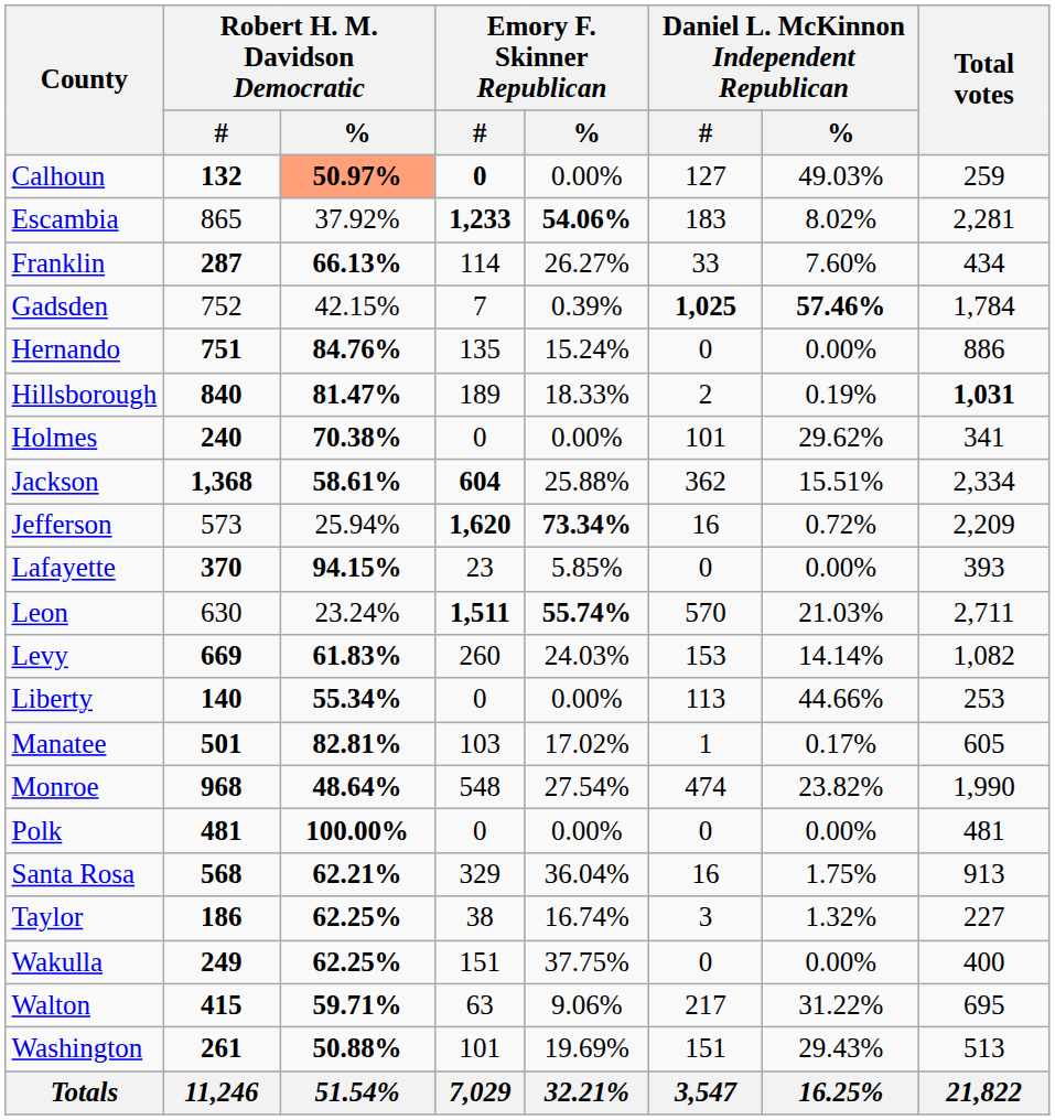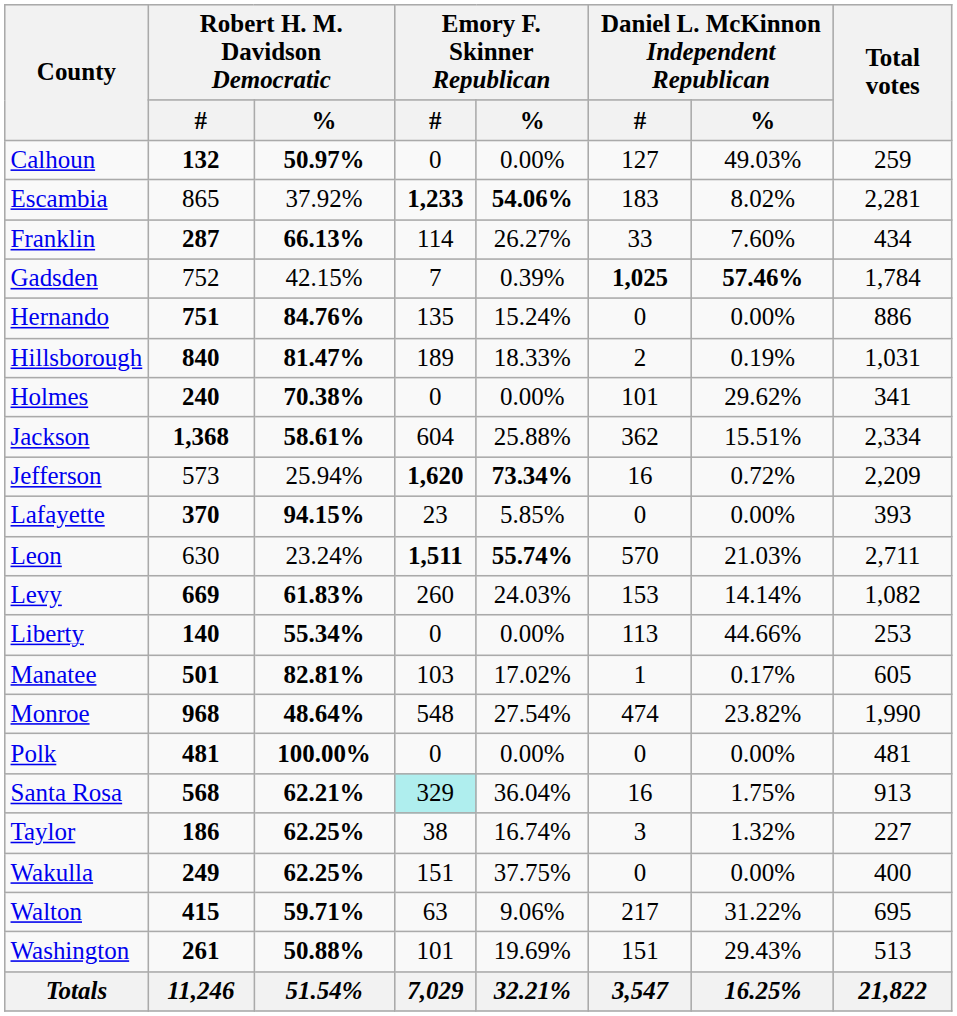 <table class="wikitable sortable">
 <tr>
 <th rowspan="2">County</th>
 <th colspan="2" style="text-align: center;" >Robert H. M. Davidson <br><em>Democratic</em></th>
 <th colspan="2" style="text-align: center;" >Emory F. Skinner <br> <em>Republican</em></th>
 <th colspan="2" style="text-align: center;" >Daniel L. McKinnon <br> <em>Independent Republican</em></th>
 <th rowspan="2">Total votes</th>
 </tr>
 <tr>
 <th colspan="1" style="text-align: center;" >#</th>
 <th colspan="1" style="text-align: center;" >%</th>
 <th colspan="1" style="text-align: center;" >#</th>
 <th colspan="1" style="text-align: center;" >%</th>
 <th colspan="1" style="text-align: center;" >#</th>
 <th colspan="1" style="text-align: center;" >%</th>
 </tr>
 <tr>
 <td><a href='#'>Calhoun</a></td>
 <td align="center"><strong>132</strong></td>
-<td align="center" style="background: lightsalmon;"><strong>50.97%</strong></td>
-<td align="center"><strong>0</strong></td>
+<td align="center"><strong>50.97%</strong></td>
+<td align="center">0</td>
 <td align="center">0.00%</td>
 <td align="center">127</td>
 <td align="center">49.03%</td>
 <td align="center">259</td>
 </tr>
 <tr>
 <td><a href='#'>Escambia</a></td>
 <td align="center">865</td>
 <td align="center">37.92%</td>
 <td align="center"><strong>1,233</strong></td>
 <td align="center"><strong>54.06%</strong></td>
 <td align="center">183</td>
 <td align="center">8.02%</td>
 <td align="center">2,281</td>
 </tr>
 <tr>
 <td><a href='#'>Franklin</a></td>
 <td align="center"><strong>287</strong></td>
 <td align="center"><strong>66.13%</strong></td>
 <td align="center">114</td>
 <td align="center">26.27%</td>
 <td align="center">33</td>
 <td align="center">7.60%</td>
 <td align="center">434</td>
 </tr>
 <tr>
 <td><a href='#'>Gadsden</a></td>
 <td align="center">752</td>
 <td align="center">42.15%</td>
 <td align="center">7</td>
 <td align="center">0.39%</td>
 <td align="center"><strong>1,025</strong></td>
 <td align="center"><strong>57.46%</strong></td>
 <td align="center">1,784</td>
 </tr>
 <tr>
 <td><a href='#'>Hernando</a></td>
 <td align="center"><strong>751</strong></td>
 <td align="center"><strong>84.76%</strong></td>
 <td align="center">135</td>
 <td align="center">15.24%</td>
 <td align="center">0</td>
 <td align="center">0.00%</td>
 <td align="center">886</td>
 </tr>
 <tr>
 <td><a href='#'>Hillsborough</a></td>
 <td align="center"><strong>840</strong></td>
 <td align="center"><strong>81.47%</strong></td>
 <td align="center">189</td>
 <td align="center">18.33%</td>
 <td align="center">2</td>
 <td align="center">0.19%</td>
-<td align="center"><strong>1,031</strong></td>
+<td align="center">1,031</td>
 </tr>
 <tr>
 <td><a href='#'>Holmes</a></td>
 <td align="center"><strong>240</strong></td>
 <td align="center"><strong>70.38%</strong></td>
 <td align="center">0</td>
 <td align="center">0.00%</td>
 <td align="center">101</td>
 <td align="center">29.62%</td>
 <td align="center">341</td>
 </tr>
 <tr>
 <td><a href='#'>Jackson</a></td>
 <td align="center"><strong>1,368</strong></td>
 <td align="center"><strong>58.61%</strong></td>
-<td align="center"><strong>604</strong></td>
+<td align="center">604</td>
 <td align="center">25.88%</td>
 <td align="center">362</td>
 <td align="center">15.51%</td>
 <td align="center">2,334</td>
 </tr>
 <tr>
 <td><a href='#'>Jefferson</a></td>
 <td align="center">573</td>
 <td align="center">25.94%</td>
 <td align="center"><strong>1,620</strong></td>
 <td align="center"><strong>73.34%</strong></td>
 <td align="center">16</td>
 <td align="center">0.72%</td>
 <td align="center">2,209</td>
 </tr>
 <tr>
 <td><a href='#'>Lafayette</a></td>
 <td align="center"><strong>370</strong></td>
 <td align="center"><strong>94.15%</strong></td>
 <td align="center">23</td>
 <td align="center">5.85%</td>
 <td align="center">0</td>
 <td align="center">0.00%</td>
 <td align="center">393</td>
 </tr>
 <tr>
 <td><a href='#'>Leon</a></td>
 <td align="center">630</td>
 <td align="center">23.24%</td>
 <td align="center"><strong>1,511</strong></td>
 <td align="center"><strong>55.74%</strong></td>
 <td align="center">570</td>
 <td align="center">21.03%</td>
 <td align="center">2,711</td>
 </tr>
 <tr>
 <td><a href='#'>Levy</a></td>
 <td align="center"><strong>669</strong></td>
 <td align="center"><strong>61.83%</strong></td>
 <td align="center">260</td>
 <td align="center">24.03%</td>
 <td align="center">153</td>
 <td align="center">14.14%</td>
 <td align="center">1,082</td>
 </tr>
 <tr>
 <td><a href='#'>Liberty</a></td>
 <td align="center"><strong>140</strong></td>
 <td align="center"><strong>55.34%</strong></td>
 <td align="center">0</td>
 <td align="center">0.00%</td>
 <td align="center">113</td>
 <td align="center">44.66%</td>
 <td align="center">253</td>
 </tr>
 <tr>
 <td><a href='#'>Manatee</a></td>
 <td align="center"><strong>501</strong></td>
 <td align="center"><strong>82.81%</strong></td>
 <td align="center">103</td>
 <td align="center">17.02%</td>
 <td align="center">1</td>
 <td align="center">0.17%</td>
 <td align="center">605</td>
 </tr>
 <tr>
 <td><a href='#'>Monroe</a></td>
 <td align="center"><strong>968</strong></td>
 <td align="center"><strong>48.64%</strong></td>
 <td align="center">548</td>
 <td align="center">27.54%</td>
 <td align="center">474</td>
 <td align="center">23.82%</td>
 <td align="center">1,990</td>
 </tr>
 <tr>
 <td><a href='#'>Polk</a></td>
 <td align="center"><strong>481</strong></td>
 <td align="center"><strong>100.00%</strong></td>
 <td align="center">0</td>
 <td align="center">0.00%</td>
 <td align="center">0</td>
 <td align="center">0.00%</td>
 <td align="center">481</td>
 </tr>
 <tr>
 <td><a href='#'>Santa Rosa</a></td>
 <td align="center"><strong>568</strong></td>
 <td align="center"><strong>62.21%</strong></td>
-<td align="center">329</td>
+<td align="center" style="background: paleturquoise;">329</td>
 <td align="center">36.04%</td>
 <td align="center">16</td>
 <td align="center">1.75%</td>
 <td align="center">913</td>
 </tr>
 <tr>
 <td><a href='#'>Taylor</a></td>
 <td align="center"><strong>186</strong></td>
 <td align="center"><strong>62.25%</strong></td>
 <td align="center">38</td>
 <td align="center">16.74%</td>
 <td align="center">3</td>
 <td align="center">1.32%</td>
 <td align="center">227</td>
 </tr>
 <tr>
 <td><a href='#'>Wakulla</a></td>
 <td align="center"><strong>249</strong></td>
 <td align="center"><strong>62.25%</strong></td>
 <td align="center">151</td>
 <td align="center">37.75%</td>
 <td align="center">0</td>
 <td align="center">0.00%</td>
 <td align="center">400</td>
 </tr>
 <tr>
 <td><a href='#'>Walton</a></td>
 <td align="center"><strong>415</strong></td>
 <td align="center"><strong>59.71%</strong></td>
 <td align="center">63</td>
 <td align="center">9.06%</td>
 <td align="center">217</td>
 <td align="center">31.22%</td>
 <td align="center">695</td>
 </tr>
 <tr>
 <td><a href='#'>Washington</a></td>
 <td align="center"><strong>261</strong></td>
 <td align="center"><strong>50.88%</strong></td>
 <td align="center">101</td>
 <td align="center">19.69%</td>
 <td align="center">151</td>
 <td align="center">29.43%</td>
 <td align="center">513</td>
 </tr>
 <tr>
 <th><em>Totals</em></th>
 <th><em>11,246</em></th>
 <th><em>51.54%</em></th>
 <th><em>7,029</em></th>
 <th><em>32.21%</em></th>
 <th><em>3,547</em></th>
 <th><em>16.25%</em></th>
 <th><em>21,822</em></th>
 </tr>
 </table>
